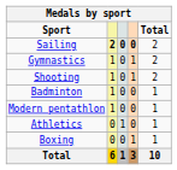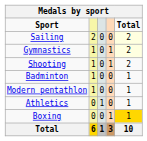 <table class="wikitable" style="font-size:85%; float:right">
 <tr style="background:#efefef;">
 <th colspan=7><strong>Medals by sport</strong></th>
 </tr>
 <tr align=center>
 <td><strong>Sport</strong></td>
 <td style="background:#f7f6a8;"></td>
 <td style="background:#dce5e5;"></td>
 <td style="background:#ffdab9;"></td>
 <td><strong>Total</strong></td>
 </tr>
 <tr align=center>
 <td><a href='#'>Sailing</a></td>
-<td style="background:#f7f6a8;"><strong>2</strong></td>
-<td style="background:#dce5e5;"><strong>0</strong></td>
-<td style="background:#ffdab9;"><strong>0</strong></td>
-<td>2</td>
+<td style="background:#f7f6a8;">2</td>
+<td style="background:#dce5e5;">0</td>
+<td style="background:#ffdab9;">0</td>
+<td style="background: lightyellow;">2</td>
 </tr>
 <tr align=center>
 <td><a href='#'>Gymnastics</a></td>
 <td style="background:#f7f6a8;">1</td>
 <td style="background:#dce5e5;">0</td>
 <td style="background:#ffdab9;">1</td>
-<td>2</td>
+<td style="background: lightyellow;">2</td>
 </tr>
 <tr align=center>
 <td><a href='#'>Shooting</a></td>
 <td style="background:#f7f6a8;">1</td>
 <td style="background:#dce5e5;">0</td>
 <td style="background:#ffdab9;">1</td>
 <td>2</td>
 </tr>
 <tr align=center>
 <td><a href='#'>Badminton</a></td>
 <td style="background:#f7f6a8;">1</td>
 <td style="background:#dce5e5;">0</td>
 <td style="background:#ffdab9;">0</td>
 <td>1</td>
 </tr>
 <tr align=center>
 <td><a href='#'>Modern pentathlon</a></td>
 <td style="background:#f7f6a8;">1</td>
 <td style="background:#dce5e5;">0</td>
 <td style="background:#ffdab9;">0</td>
 <td>1</td>
 </tr>
 <tr align=center>
 <td><a href='#'>Athletics</a></td>
 <td style="background:#f7f6a8;">0</td>
 <td style="background:#dce5e5;">1</td>
 <td style="background:#ffdab9;">0</td>
 <td>1</td>
 </tr>
 <tr align=center>
 <td><a href='#'>Boxing</a></td>
 <td style="background:#f7f6a8;">0</td>
 <td style="background:#dce5e5;">0</td>
 <td style="background:#ffdab9;">1</td>
-<td>1</td>
+<td style="background: gold;">1</td>
 </tr>
 <tr align=center>
 <th><strong>Total</strong></th>
 <th style="background:gold;"><strong>6</strong></th>
 <th style="background:silver;"><strong>1</strong></th>
 <th style="background:#c96;"><strong>3</strong></th>
 <th><strong>10</strong></th>
 </tr>
 </table>
